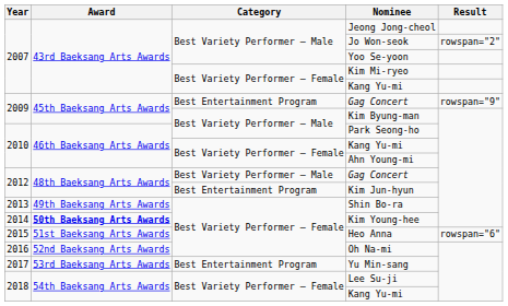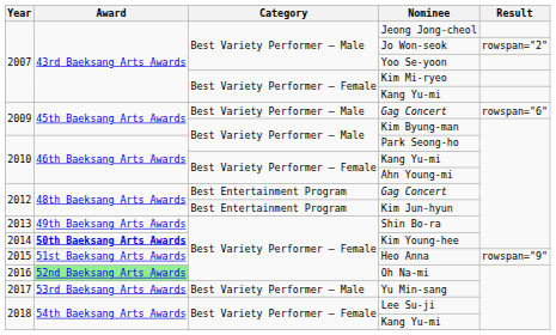 <table class="wikitable">
 <tr>
 <th>Year</th>
 <th>Award</th>
 <th>Category</th>
 <th>Nominee</th>
 <th>Result</th>
 </tr>
 <tr>
 <td rowspan=5>2007</td>
 <td rowspan=5><a href='#'>43rd Baeksang Arts Awards</a></td>
 <td rowspan=3>Best Variety Performer – Male</td>
 <td>Jeong Jong-cheol</td>
 <td></td>
 </tr>
 <tr>
 <td>Jo Won-seok</td>
 <td>rowspan="2" </td>
 </tr>
 <tr>
 <td>Yoo Se-yoon</td>
 </tr>
 <tr>
 <td rowspan=2>Best Variety Performer – Female</td>
 <td>Kim Mi-ryeo</td>
 <td></td>
 </tr>
 <tr>
 <td>Kang Yu-mi</td>
 <td></td>
 </tr>
 <tr>
 <td rowspan=2>2009</td>
 <td rowspan=2><a href='#'>45th Baeksang Arts Awards</a></td>
-<td>Best Entertainment Program</td>
+<td>Best Variety Performer – Male</td>
 <td><em>Gag Concert</em></td>
-<td>rowspan="9" </td>
+<td>rowspan="6" </td>
 </tr>
 <tr>
 <td rowspan=2>Best Variety Performer – Male</td>
 <td>Kim Byung-man</td>
 </tr>
 <tr>
 <td rowspan=3>2010</td>
 <td rowspan=3><a href='#'>46th Baeksang Arts Awards</a></td>
 <td>Park Seong-ho</td>
 </tr>
 <tr>
 <td rowspan=2>Best Variety Performer – Female</td>
 <td>Kang Yu-mi</td>
 </tr>
 <tr>
 <td>Ahn Young-mi</td>
 </tr>
 <tr>
 <td rowspan=2>2012</td>
 <td rowspan=2><a href='#'>48th Baeksang Arts Awards</a></td>
-<td>Best Variety Performer – Male</td>
+<td>Best Entertainment Program</td>
 <td><em>Gag Concert</em></td>
 </tr>
 <tr>
 <td>Best Entertainment Program</td>
 <td>Kim Jun-hyun</td>
 </tr>
 <tr>
 <td>2013</td>
 <td><a href='#'>49th Baeksang Arts Awards</a></td>
 <td rowspan=4>Best Variety Performer – Female</td>
 <td>Shin Bo-ra</td>
 </tr>
 <tr>
 <td>2014</td>
 <td><strong><a href='#'>50th Baeksang Arts Awards</a></strong></td>
 <td>Kim Young-hee</td>
 </tr>
 <tr>
 <td>2015</td>
 <td><a href='#'>51st Baeksang Arts Awards</a></td>
 <td>Heo Anna</td>
-<td>rowspan="6" </td>
+<td>rowspan="9" </td>
 </tr>
 <tr>
 <td>2016</td>
-<td><a href='#'>52nd Baeksang Arts Awards</a></td>
+<td style="background: lightgreen;"><a href='#'>52nd Baeksang Arts Awards</a></td>
 <td>Oh Na-mi</td>
 </tr>
 <tr>
 <td rowspan=2>2017</td>
 <td rowspan=2><a href='#'>53rd Baeksang Arts Awards</a></td>
-<td>Best Entertainment Program</td>
+<td>Best Variety Performer – Male</td>
 <td>Yu Min-sang</td>
 </tr>
 <tr>
 <td rowspan=3>Best Variety Performer – Female</td>
 <td rowspan=2>Lee Su-ji</td>
 </tr>
 <tr>
 <td rowspan=2>2018</td>
 <td rowspan=2><a href='#'>54th Baeksang Arts Awards</a></td>
 </tr>
 <tr>
 <td>Kang Yu-mi</td>
 </tr>
 </table>
